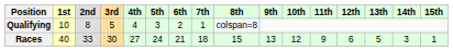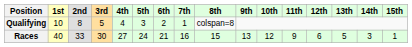 <table class="wikitable" style="font-size:85%; text-align:center">
 <tr>
 <th>Position</th>
 <td style="background:#ffffbf;"> <strong>1st</strong> </td>
 <td style="background:#dfdfdf;"> <strong>2nd</strong> </td>
 <td style="background:#ffdf9f;"> <strong>3rd</strong> </td>
 <td style="background:#dfffdf;"> <strong>4th</strong> </td>
 <td style="background:#dfffdf;"> <strong>5th</strong> </td>
 <td style="background:#dfffdf;"> <strong>6th</strong> </td>
 <td style="background:#dfffdf;"> <strong>7th</strong> </td>
 <td style="background:#dfffdf;"> <strong>8th</strong> </td>
 <td style="background:#dfffdf;"> <strong>9th</strong> </td>
 <td style="background:#dfffdf;"> <strong>10th</strong> </td>
 <td style="background:#dfffdf;"> <strong>11th</strong> </td>
 <td style="background:#dfffdf;"> <strong>12th</strong> </td>
 <td style="background:#dfffdf;"> <strong>13th</strong> </td>
 <td style="background:#dfffdf;"> <strong>14th</strong> </td>
 <td style="background:#dfffdf;"> <strong>15th</strong> </td>
 </tr>
 <tr>
 <th>Qualifying</th>
 <td style="background:#ffffbf;">10</td>
 <td style="background:#dfdfdf;">8</td>
 <td style="background:#ffdf9f;">5</td>
 <td style="background:#dfffdf;">4</td>
 <td style="background:#dfffdf;">3</td>
 <td style="background:#dfffdf;">2</td>
 <td style="background:#dfffdf;">1</td>
 <td>colspan=8 </td>
 </tr>
 <tr>
 <th>Races</th>
 <td style="background:#ffffbf;">40</td>
 <td style="background:#dfdfdf;">33</td>
 <td style="background:#ffdf9f;">30</td>
 <td style="background:#dfffdf;">27</td>
 <td style="background:#dfffdf;">24</td>
 <td style="background:#dfffdf;">21</td>
-<td style="background:#dfffdf;">18</td>
+<td style="background:#dfffdf;">16</td>
 <td style="background:#dfffdf;">15</td>
 <td style="background:#dfffdf;">13</td>
 <td style="background:#dfffdf;">12</td>
 <td style="background:#dfffdf;">9</td>
 <td style="background:#dfffdf;">6</td>
 <td style="background:#dfffdf;">5</td>
 <td style="background:#dfffdf;">3</td>
 <td style="background:#dfffdf;">1</td>
 </tr>
 </table>
